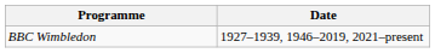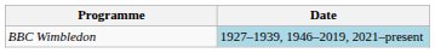 <table class="wikitable">
 <tr>
 <th width=250>Programme</th>
 <th width=250>Date</th>
 </tr>
 <tr>
 <td><em>BBC Wimbledon</em></td>
-<td>1927–1939, 1946–2019, 2021–present</td>
+<td style="background: lightblue;">1927–1939, 1946–2019, 2021–present</td>
 </tr>
 </table>
